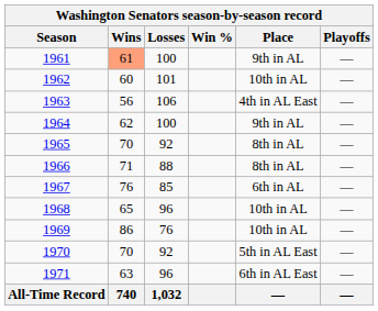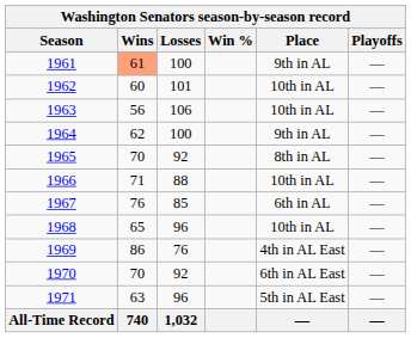 <table class="wikitable" style="text-align:center">
 <tr>
 <th colspan="6">Washington Senators season-by-season record</th>
 </tr>
 <tr>
 <th>Season</th>
 <th>Wins</th>
 <th>Losses</th>
 <th>Win %</th>
 <th>Place</th>
 <th>Playoffs</th>
 </tr>
 <tr>
 <td><a href='#'>1961</a></td>
 <td style="background: lightsalmon;">61</td>
 <td>100</td>
 <td></td>
 <td>9th in AL</td>
 <td>—</td>
 </tr>
 <tr>
 <td><a href='#'>1962</a></td>
 <td>60</td>
 <td>101</td>
 <td></td>
 <td>10th in AL</td>
 <td>—</td>
 </tr>
 <tr>
 <td><a href='#'>1963</a></td>
 <td>56</td>
 <td>106</td>
 <td></td>
-<td>4th in AL East</td>
+<td>10th in AL</td>
 <td>—</td>
 </tr>
 <tr>
 <td><a href='#'>1964</a></td>
 <td>62</td>
 <td>100</td>
 <td></td>
 <td>9th in AL</td>
 <td>—</td>
 </tr>
 <tr>
 <td><a href='#'>1965</a></td>
 <td>70</td>
 <td>92</td>
 <td></td>
 <td>8th in AL</td>
 <td>—</td>
 </tr>
 <tr>
 <td><a href='#'>1966</a></td>
 <td>71</td>
 <td>88</td>
 <td></td>
-<td>8th in AL</td>
+<td>10th in AL</td>
 <td>—</td>
 </tr>
 <tr>
 <td><a href='#'>1967</a></td>
 <td>76</td>
 <td>85</td>
 <td></td>
 <td>6th in AL</td>
 <td>—</td>
 </tr>
 <tr>
 <td><a href='#'>1968</a></td>
 <td>65</td>
 <td>96</td>
 <td></td>
 <td>10th in AL</td>
 <td>—</td>
 </tr>
 <tr>
 <td><a href='#'>1969</a></td>
 <td>86</td>
 <td>76</td>
 <td></td>
-<td>10th in AL</td>
+<td>4th in AL East</td>
 <td>—</td>
 </tr>
 <tr>
 <td><a href='#'>1970</a></td>
 <td>70</td>
 <td>92</td>
 <td></td>
-<td>5th in AL East</td>
+<td>6th in AL East</td>
 <td>—</td>
 </tr>
 <tr>
 <td><a href='#'>1971</a></td>
 <td>63</td>
 <td>96</td>
 <td></td>
-<td>6th in AL East</td>
+<td>5th in AL East</td>
 <td>—</td>
 </tr>
 <tr>
 <th><strong>All-Time Record</strong></th>
 <th><strong>740</strong></th>
 <th><strong>1,032</strong></th>
 <th><strong></strong></th>
 <th>—</th>
 <th>—</th>
 </tr>
 </table>
